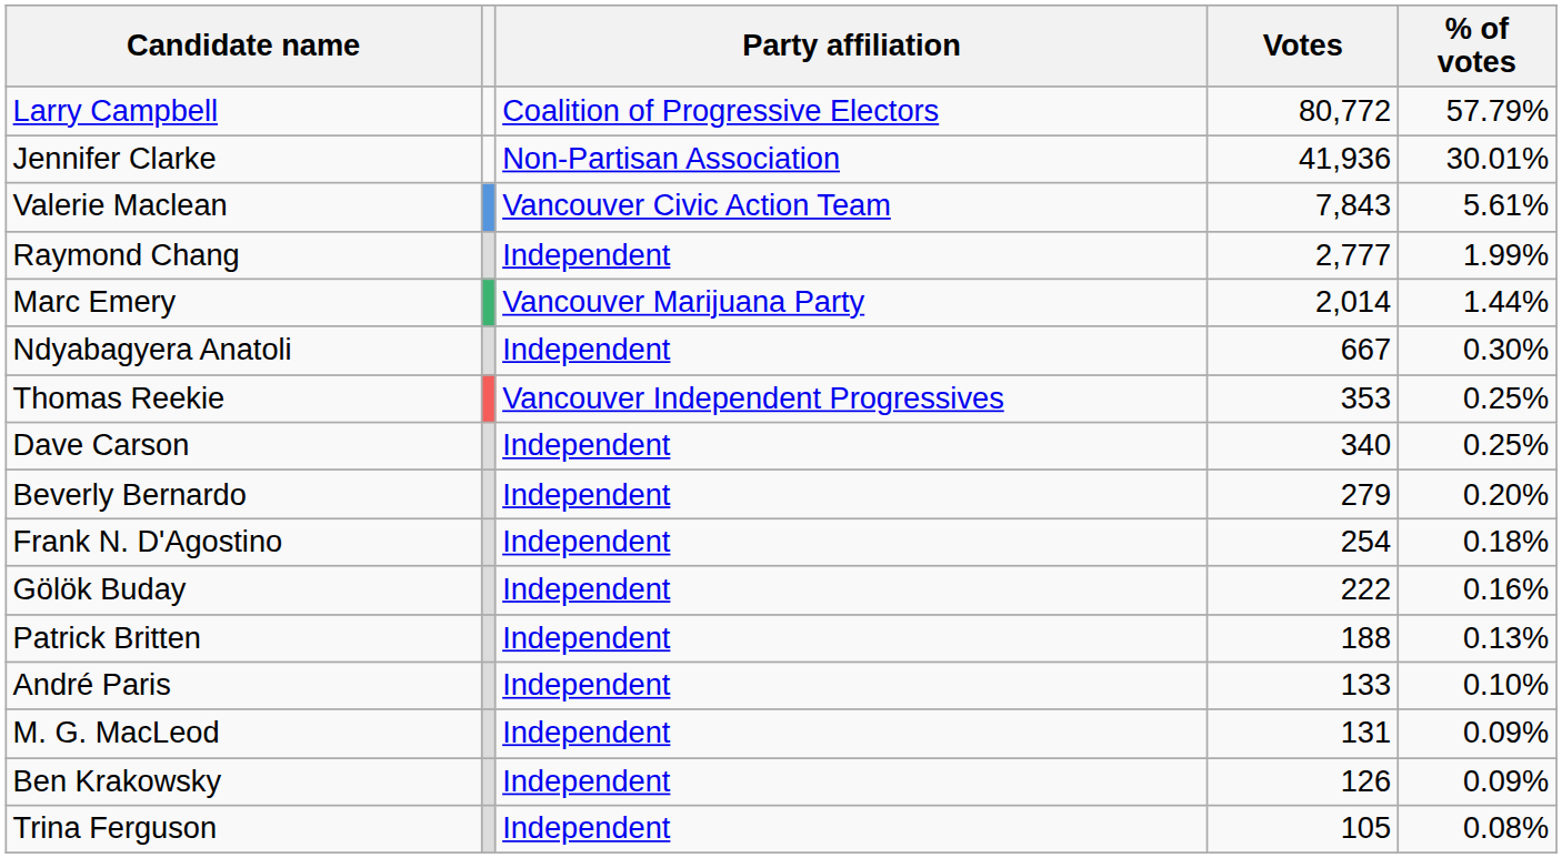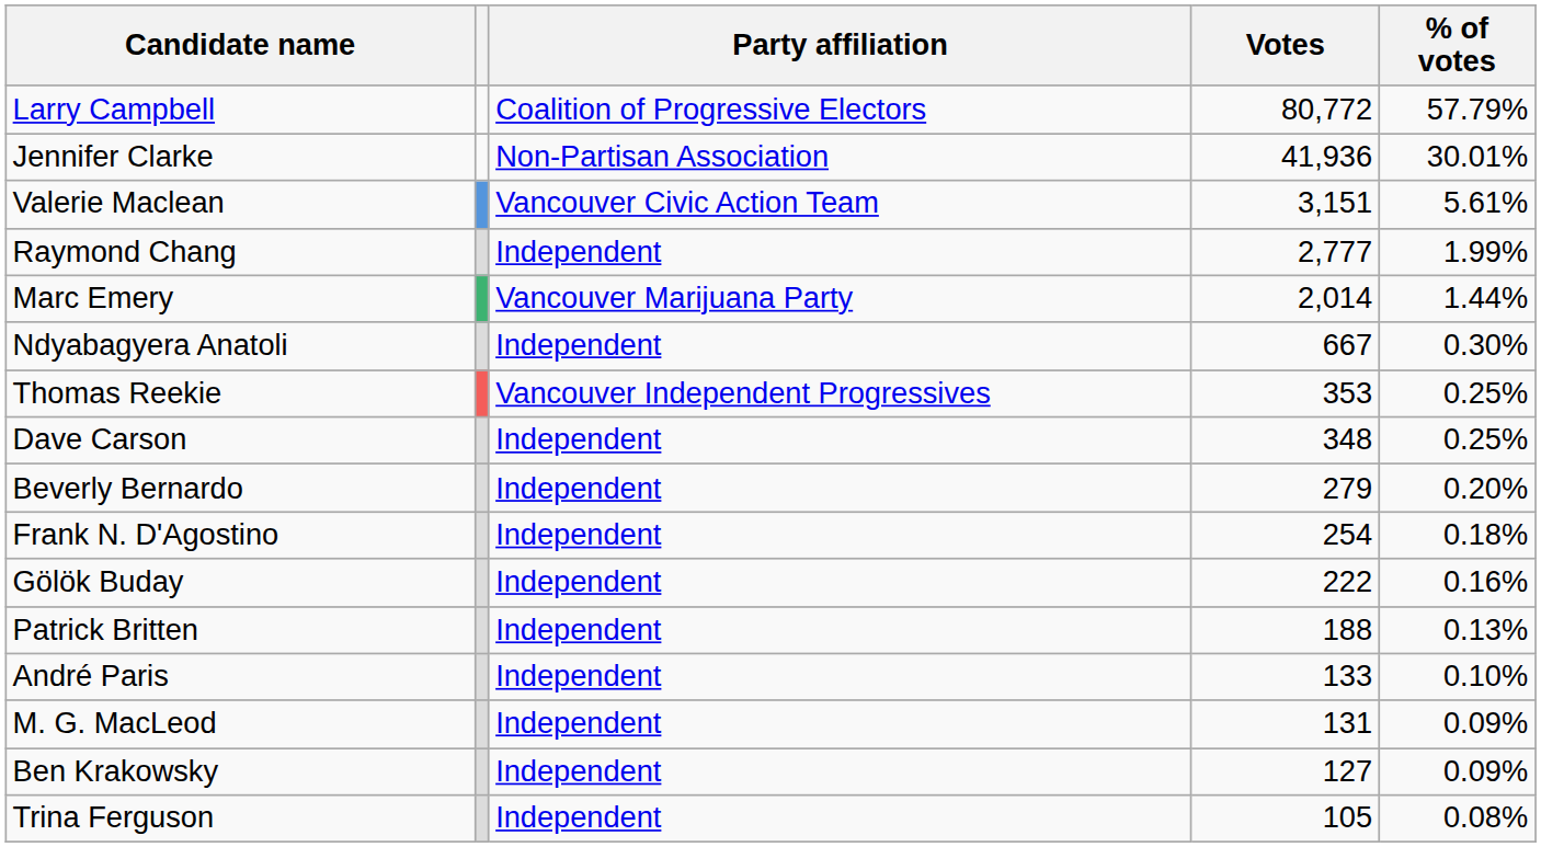 <table class="wikitable sortable" style="margin:5px; width: 65%">
 <tr>
 <th style="width:20%;">Candidate name</th>
 <th style="width:0.05%;" class="unsortable"></th>
 <th style="width:30%;">Party affiliation</th>
 <th style="width:8%;">Votes</th>
 <th style="width:5%;">% of votes</th>
 </tr>
 <tr>
 <td data-sort-value="Campbell, Larry"><a href='#'>Larry Campbell</a></td>
 <td style="background:"></td>
 <td><a href='#'>Coalition of Progressive Electors</a></td>
 <td style="text-align: right;">80,772</td>
 <td style="text-align: right;">57.79%</td>
 </tr>
 <tr>
 <td data-sort-value="Clarke, Jennifer">Jennifer Clarke</td>
 <td style="background:"></td>
 <td><a href='#'>Non-Partisan Association</a></td>
 <td style="text-align: right;">41,936</td>
 <td style="text-align: right;">30.01%</td>
 </tr>
 <tr>
 <td data-sort-value="Maclean, Valerie">Valerie Maclean</td>
 <td style="background:#5495DD;"></td>
 <td><a href='#'>Vancouver Civic Action Team</a></td>
-<td style="text-align: right;">7,843</td>
+<td style="text-align: right;">3,151</td>
 <td style="text-align: right;">5.61%</td>
 </tr>
 <tr>
 <td data-sort-value="Chang, Raymond">Raymond Chang</td>
 <td style="background:gainsboro;"></td>
 <td><a href='#'>Independent</a></td>
 <td style="text-align: right;">2,777</td>
 <td style="text-align: right;">1.99%</td>
 </tr>
 <tr>
 <td data-sort-value="Emery, Marc">Marc Emery</td>
 <td style="background:mediumseagreen;"></td>
 <td><a href='#'>Vancouver Marijuana Party</a></td>
 <td style="text-align: right;">2,014</td>
 <td style="text-align: right;">1.44%</td>
 </tr>
 <tr>
 <td data-sort-value="Anatoli, Ndyabagyera">Ndyabagyera Anatoli</td>
 <td style="background:gainsboro;"></td>
 <td><a href='#'>Independent</a></td>
 <td style="text-align: right;">667</td>
 <td style="text-align: right;">0.30%</td>
 </tr>
 <tr>
 <td data-sort-value="Reekie, Thomas">Thomas Reekie</td>
 <td style="background:#F45D5A;"></td>
 <td><a href='#'>Vancouver Independent Progressives</a></td>
 <td style="text-align: right;">353</td>
 <td style="text-align: right;">0.25%</td>
 </tr>
 <tr>
 <td data-sort-value="Carson, Dave">Dave Carson</td>
 <td style="background:gainsboro"></td>
 <td><a href='#'>Independent</a></td>
-<td style="text-align: right;">340</td>
+<td style="text-align: right;">348</td>
 <td style="text-align: right;">0.25%</td>
 </tr>
 <tr>
 <td data-sort-value="Bernardo, Beverly">Beverly Bernardo</td>
 <td style="background:gainsboro;"></td>
 <td><a href='#'>Independent</a></td>
 <td style="text-align: right;">279</td>
 <td style="text-align: right;">0.20%</td>
 </tr>
 <tr>
 <td data-sort-value="D'Agostino, Frank N.">Frank N. D'Agostino</td>
 <td style="background:gainsboro;"></td>
 <td><a href='#'>Independent</a></td>
 <td style="text-align: right;">254</td>
 <td style="text-align: right;">0.18%</td>
 </tr>
 <tr>
 <td data-sort-value="Buday, Gölök">Gölök Buday</td>
 <td style="background:gainsboro;"></td>
 <td><a href='#'>Independent</a></td>
 <td style="text-align: right;">222</td>
 <td style="text-align: right;">0.16%</td>
 </tr>
 <tr>
 <td data-sort-value="Britten, Patrick">Patrick Britten</td>
 <td style="background:gainsboro;"></td>
 <td><a href='#'>Independent</a></td>
 <td style="text-align: right;">188</td>
 <td style="text-align: right;">0.13%</td>
 </tr>
 <tr>
 <td data-sort-value="Paris, André">André Paris</td>
 <td style="background:gainsboro;"></td>
 <td><a href='#'>Independent</a></td>
 <td style="text-align: right;">133</td>
 <td style="text-align: right;">0.10%</td>
 </tr>
 <tr>
 <td data-sort-value="MacLeod, M. G.">M. G. MacLeod</td>
 <td style="background:gainsboro;"></td>
 <td><a href='#'>Independent</a></td>
 <td style="text-align: right;">131</td>
 <td style="text-align: right;">0.09%</td>
 </tr>
 <tr>
 <td data-sort-value="Krakowsky, Ben">Ben Krakowsky</td>
 <td style="background:gainsboro;"></td>
 <td><a href='#'>Independent</a></td>
-<td style="text-align: right;">126</td>
+<td style="text-align: right;">127</td>
 <td style="text-align: right;">0.09%</td>
 </tr>
 <tr>
 <td data-sort-value="Ferguson, Trina">Trina Ferguson</td>
 <td style="background:gainsboro;"></td>
 <td><a href='#'>Independent</a></td>
 <td style="text-align: right;">105</td>
 <td style="text-align: right;">0.08%</td>
 </tr>
 </table>
